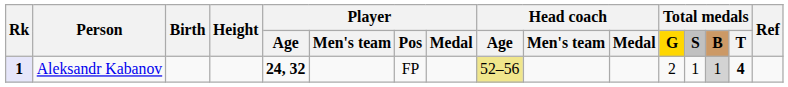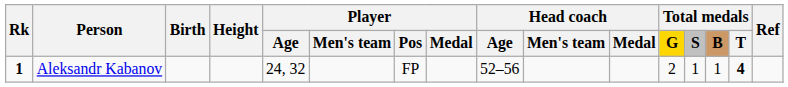 <table class="wikitable sortable" style="text-align: center; font-size: 80%; margin-left: 1em;">
 <tr>
 <th rowspan="2">Rk</th>
 <th rowspan="2">Person</th>
 <th rowspan="2">Birth</th>
 <th rowspan="2">Height</th>
 <th colspan="4">Player</th>
 <th colspan="3">Head coach</th>
 <th colspan="4">Total medals</th>
 <th rowspan="2" class="unsortable">Ref</th>
 </tr>
 <tr>
 <th>Age</th>
 <th>Men's team</th>
 <th>Pos</th>
 <th>Medal</th>
 <th>Age</th>
 <th>Men's team</th>
 <th>Medal</th>
 <th style="background-color: gold;">G</th>
 <th style="background-color: silver;">S</th>
 <th style="background-color: #cc9966;">B</th>
 <th>T</th>
 </tr>
 <tr>
-<td style="background: lavender;"><strong>1</strong></td>
+<td><strong>1</strong></td>
 <td style="text-align: left;" data-sort-value="Kabanov, Aleksandr"><a href='#'>Aleksandr Kabanov</a></td>
 <td></td>
 <td></td>
-<td><strong>24, 32</strong></td>
+<td>24, 32</td>
 <td style="text-align: left;"></td>
 <td>FP</td>
 <td style="text-align: left;"></td>
-<td style="background: khaki;">52–56</td>
+<td>52–56</td>
 <td style="text-align: left;"></td>
 <td style="text-align: left;"></td>
 <td>2</td>
 <td>1</td>
-<td style="background: lightgrey;">1</td>
+<td>1</td>
 <td><strong>4</strong></td>
 <td><br></td>
 </tr>
 </table>
